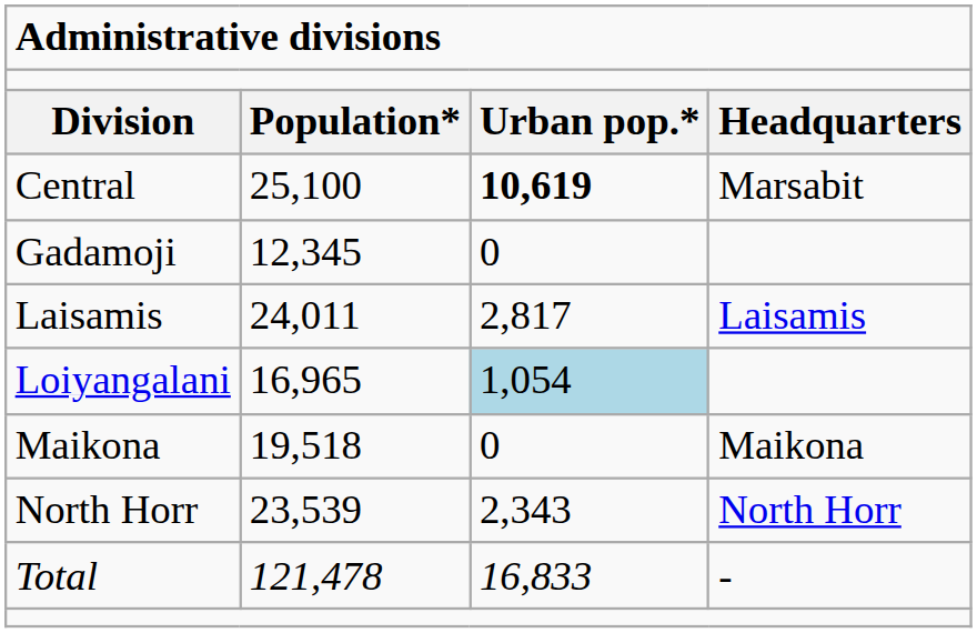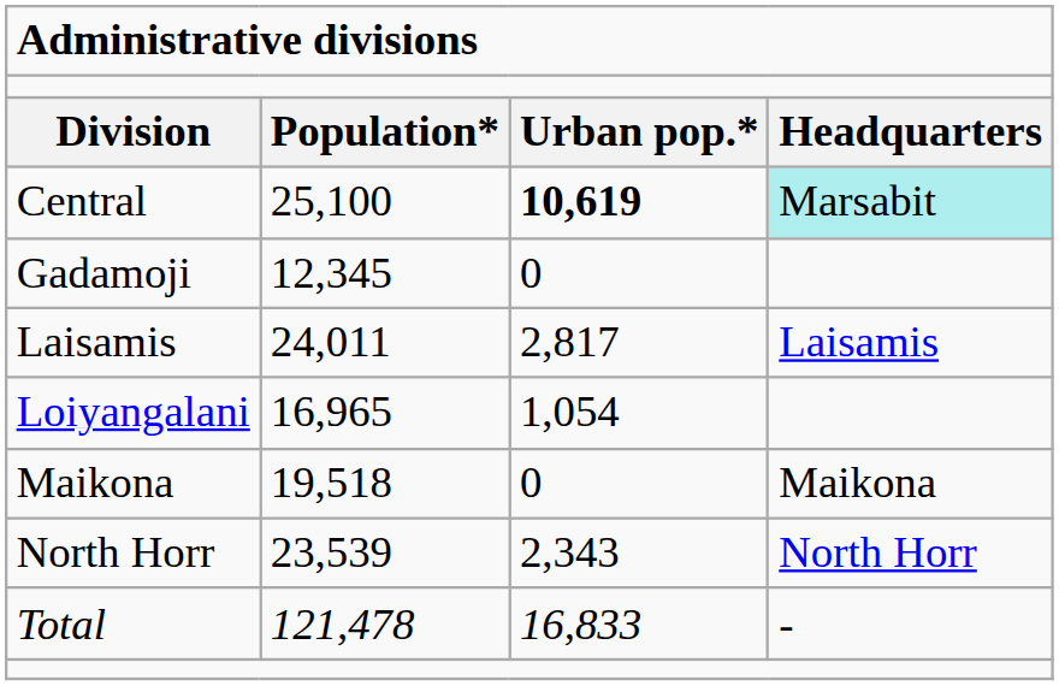 <table class="wikitable">
 <tr>
 <td colspan="4"><strong>Administrative divisions</strong></td>
 </tr>
 <tr>
 <td colspan="4"></td>
 </tr>
 <tr>
 <th>Division</th>
 <th>Population*</th>
 <th>Urban pop.*</th>
 <th>Headquarters</th>
 </tr>
 <tr>
 <td>Central</td>
 <td>25,100</td>
 <td><strong>10,619</strong></td>
-<td>Marsabit</td>
+<td style="background: paleturquoise;">Marsabit</td>
 </tr>
 <tr>
 <td>Gadamoji</td>
 <td>12,345</td>
 <td>0</td>
 <td></td>
 </tr>
 <tr>
 <td>Laisamis</td>
 <td>24,011</td>
 <td>2,817</td>
 <td><a href='#'>Laisamis</a></td>
 </tr>
 <tr>
 <td><a href='#'>Loiyangalani</a></td>
 <td>16,965</td>
-<td style="background: lightblue;">1,054</td>
+<td>1,054</td>
 <td></td>
 </tr>
 <tr>
 <td>Maikona</td>
 <td>19,518</td>
 <td>0</td>
 <td>Maikona</td>
 </tr>
 <tr>
 <td>North Horr</td>
 <td>23,539</td>
 <td>2,343</td>
 <td><a href='#'>North Horr</a></td>
 </tr>
 <tr>
 <td><em>Total</em></td>
 <td><em>121,478</em></td>
 <td><em>16,833</em></td>
 <td>-</td>
 </tr>
 <tr>
 <td colspan="4"></td>
 </tr>
 </table>
